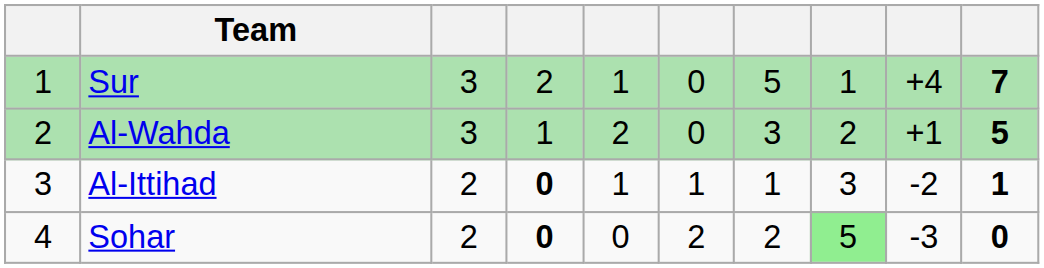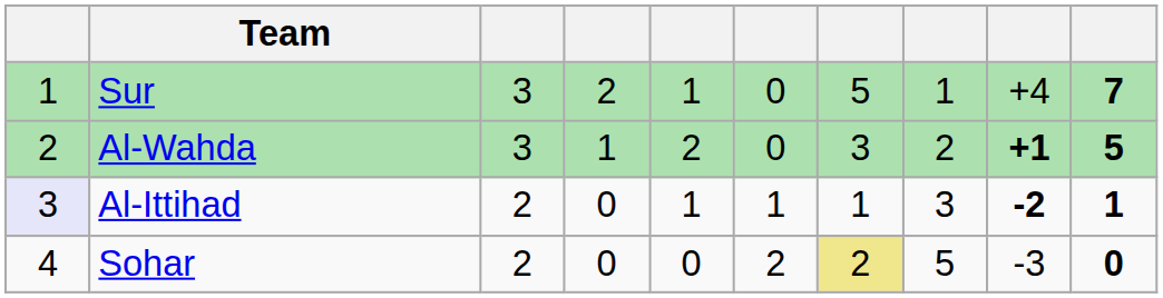 <table class="wikitable" style="text-align: center;">
 <tr>
 <th width=30></th>
 <th width=165>Team</th>
 <th width=30></th>
 <th width=30></th>
 <th width=30></th>
 <th width=30></th>
 <th width=30></th>
 <th width=30></th>
 <th width=30></th>
 <th width=30></th>
 </tr>
 <tr bgcolor=#ACE1AF>
 <td>1</td>
 <td align=left><a href='#'>Sur</a></td>
 <td>3</td>
 <td>2</td>
 <td>1</td>
 <td>0</td>
 <td>5</td>
 <td>1</td>
 <td>+4</td>
 <td><strong>7</strong></td>
 </tr>
 <tr bgcolor=#ACE1AF>
 <td>2</td>
 <td align=left><a href='#'>Al-Wahda</a></td>
 <td>3</td>
 <td>1</td>
 <td>2</td>
 <td>0</td>
 <td>3</td>
 <td>2</td>
-<td>+1</td>
+<td><strong>+1</strong></td>
 <td><strong>5</strong></td>
 </tr>
 <tr>
-<td>3</td>
+<td style="background: lavender;">3</td>
 <td align=left><a href='#'>Al-Ittihad</a></td>
 <td>2</td>
-<td><strong>0</strong></td>
+<td>0</td>
 <td>1</td>
 <td>1</td>
 <td>1</td>
 <td>3</td>
-<td>-2</td>
+<td><strong>-2</strong></td>
 <td><strong>1</strong></td>
 </tr>
 <tr>
 <td>4</td>
 <td align=left><a href='#'>Sohar</a></td>
 <td>2</td>
-<td><strong>0</strong></td>
+<td>0</td>
 <td>0</td>
 <td>2</td>
-<td>2</td>
-<td style="background: lightgreen;">5</td>
+<td style="background: khaki;">2</td>
+<td>5</td>
 <td>-3</td>
 <td><strong>0</strong></td>
 </tr>
 </table>
